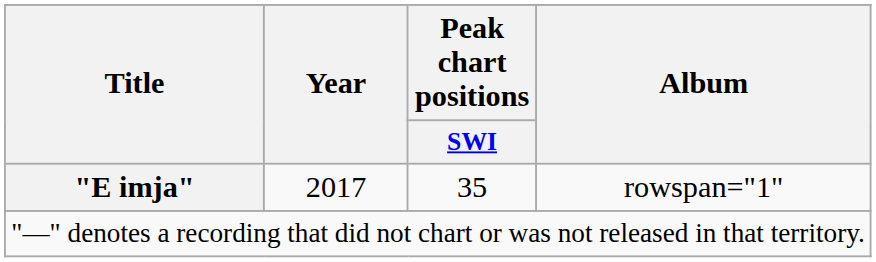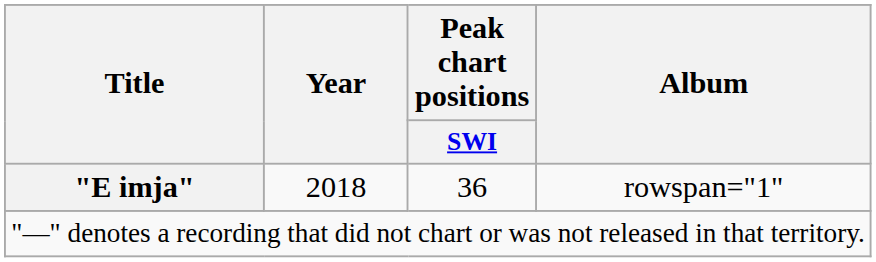 <table class="wikitable plainrowheaders" style="text-align:center;">
 <tr>
 <th scope="col" rowspan="2">Title</th>
 <th scope="col" rowspan="2">Year</th>
 <th scope="col" colspan="1">Peak chart positions</th>
 <th scope="col" rowspan="2">Album</th>
 </tr>
 <tr>
 <th scope="col" style="width:3em;font-size:85%;"><a href='#'>SWI</a><br></th>
 </tr>
 <tr>
 <th scope="row">"E imja"<br></th>
-<td>2017</td>
-<td>35</td>
+<td>2018</td>
+<td>36</td>
 <td>rowspan="1" </td>
 </tr>
 <tr>
 <td colspan="11" style="font-size:90%">"—" denotes a recording that did not chart or was not released in that territory.</td>
 </tr>
 </table>
